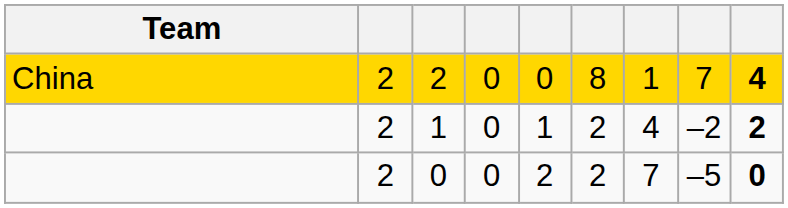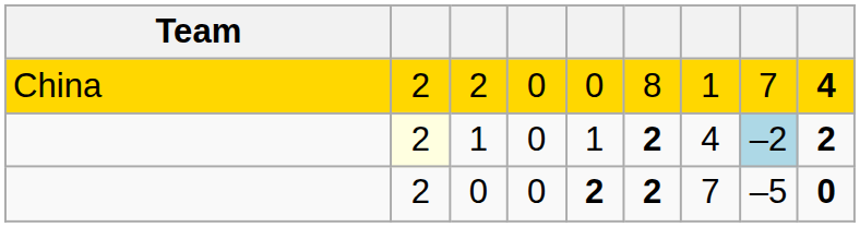 <table class=wikitable style="text-align:center">
 <tr>
 <th width="175">Team</th>
 <th width="20"></th>
 <th width="20"></th>
 <th width="20"></th>
 <th width="20"></th>
 <th width="20"></th>
 <th width="20"></th>
 <th width="20"></th>
 <th width="20"></th>
 </tr>
 <tr bgcolor=gold>
 <td align=left> China</td>
 <td>2</td>
 <td>2</td>
 <td>0</td>
 <td>0</td>
 <td>8</td>
 <td>1</td>
 <td>7</td>
 <td><strong>4</strong></td>
 </tr>
 <tr>
 <td align=left></td>
-<td>2</td>
+<td style="background: lightyellow;">2</td>
 <td>1</td>
 <td>0</td>
 <td>1</td>
-<td>2</td>
+<td><strong>2</strong></td>
 <td>4</td>
-<td>–2</td>
+<td style="background: lightblue;">–2</td>
 <td><strong>2</strong></td>
 </tr>
 <tr>
 <td align=left></td>
 <td>2</td>
 <td>0</td>
 <td>0</td>
-<td>2</td>
-<td>2</td>
+<td><strong>2</strong></td>
+<td><strong>2</strong></td>
 <td>7</td>
 <td>–5</td>
 <td><strong>0</strong></td>
 </tr>
 </table>
